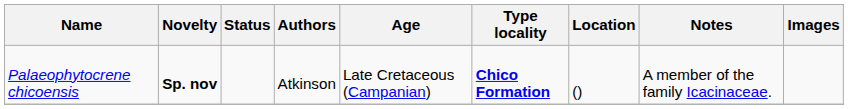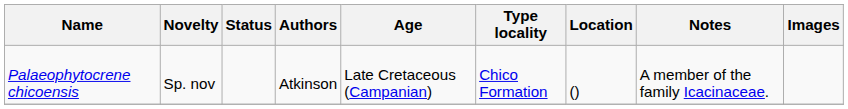 <table class="wikitable sortable" align="center" width="100%">
 <tr>
 <th>Name</th>
 <th>Novelty</th>
 <th>Status</th>
 <th>Authors</th>
 <th>Age</th>
 <th>Type locality</th>
 <th>Location</th>
 <th>Notes</th>
 <th>Images</th>
 </tr>
 <tr>
 <td><br><em><a href='#'>Palaeophytocrene chicoensis</a></em></td>
-<td><strong><br>Sp. nov</strong></td>
+<td><br>Sp. nov</td>
 <td></td>
 <td><br>Atkinson</td>
 <td><br>Late Cretaceous (<a href='#'>Campanian</a>)</td>
-<td><strong><br><a href='#'>Chico Formation</a></strong></td>
+<td><br><a href='#'>Chico Formation</a></td>
 <td><br><br>()</td>
 <td><br>A member of the family <a href='#'>Icacinaceae</a>.</td>
 <td></td>
 </tr>
 <tr>
 </tr>
 </table>
